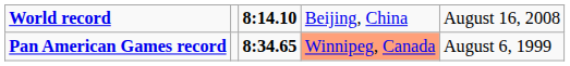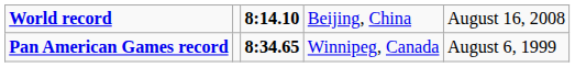 <table class="wikitable">
 <tr>
 <td><strong><a href='#'>World record</a></strong></td>
 <td></td>
 <td><strong>8:14.10</strong></td>
 <td><a href='#'>Beijing</a>, <a href='#'>China</a></td>
 <td>August 16, 2008</td>
 </tr>
 <tr>
 <td><strong><a href='#'>Pan American Games record</a></strong></td>
 <td></td>
 <td><strong>8:34.65</strong></td>
-<td style="background: lightsalmon;"><a href='#'>Winnipeg</a>, <a href='#'>Canada</a></td>
+<td><a href='#'>Winnipeg</a>, <a href='#'>Canada</a></td>
 <td>August 6, 1999</td>
 </tr>
 </table>
